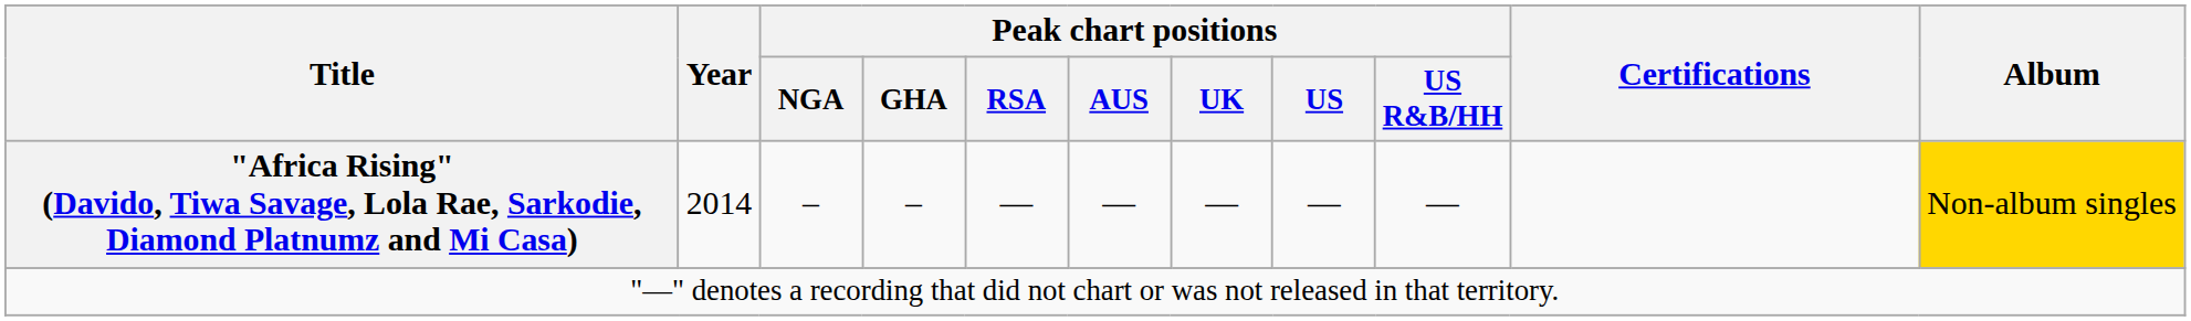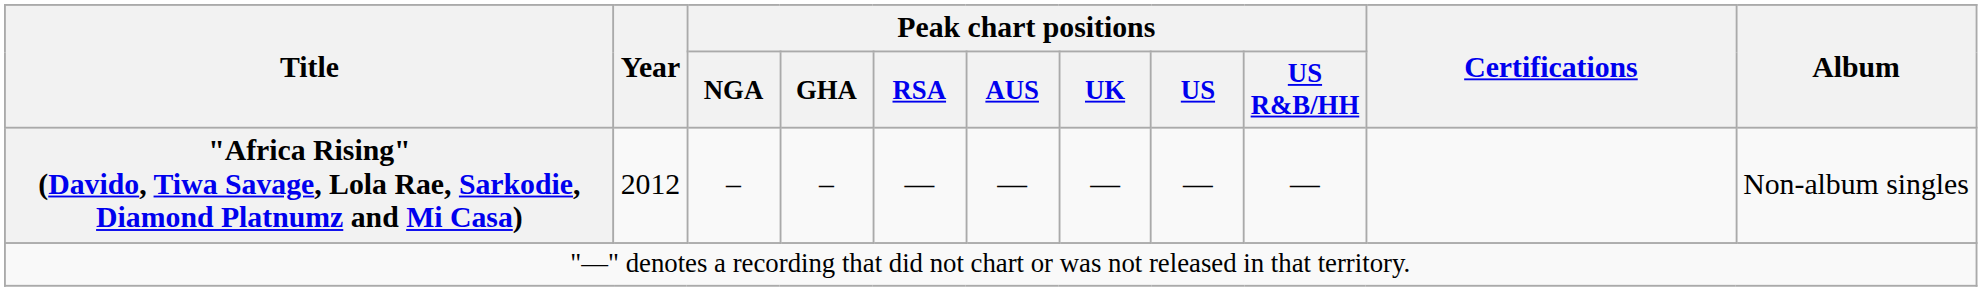 <table class="wikitable plainrowheaders" style="text-align:center;">
 <tr>
 <th scope="col" rowspan="2" style="width:20em;">Title</th>
 <th scope="col" rowspan="2">Year</th>
 <th scope="col" colspan="7">Peak chart positions</th>
 <th scope="col" rowspan="2" style="width:12em;"><a href='#'>Certifications</a></th>
 <th scope="col" rowspan="2">Album</th>
 </tr>
 <tr>
 <th scope="col" style="width:3em;font-size:90%;">NGA</th>
 <th scope="col" style="width:3em;font-size:90%;">GHA</th>
 <th scope="col" style="width:3em;font-size:90%;"><a href='#'>RSA</a></th>
 <th scope="col" style="width:3em;font-size:90%;"><a href='#'>AUS</a></th>
 <th scope="col" style="width:3em;font-size:90%;"><a href='#'>UK</a></th>
 <th scope="col" style="width:3em;font-size:90%;"><a href='#'>US</a></th>
 <th scope="col" style="width:3em;font-size:90%;"><a href='#'>US<br>R&B/HH</a></th>
 </tr>
 <tr>
 <th scope="row">"Africa Rising"<br><span>(<a href='#'>Davido</a>, <a href='#'>Tiwa Savage</a>, Lola Rae, <a href='#'>Sarkodie</a>, <a href='#'>Diamond Platnumz</a> and <a href='#'>Mi Casa</a>)</span></th>
-<td>2014</td>
+<td>2012</td>
 <td>–</td>
 <td>–</td>
 <td>—</td>
 <td>—</td>
 <td>—</td>
 <td>—</td>
 <td>—</td>
 <td></td>
-<td style="background: gold;">Non-album singles</td>
+<td>Non-album singles</td>
 </tr>
 <tr>
 <td colspan="14" style="font-size:90%">"—" denotes a recording that did not chart or was not released in that territory.</td>
 </tr>
 </table>
